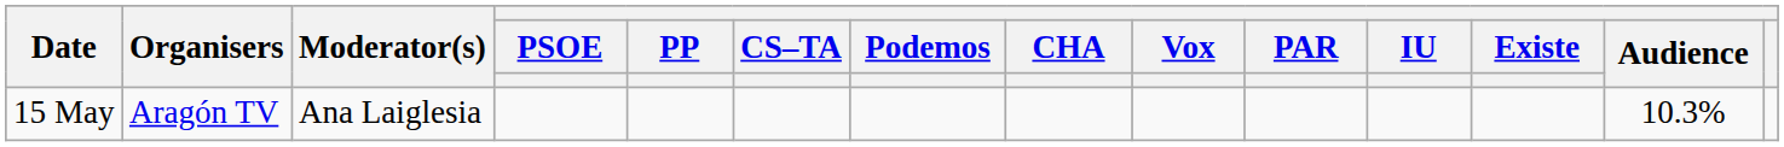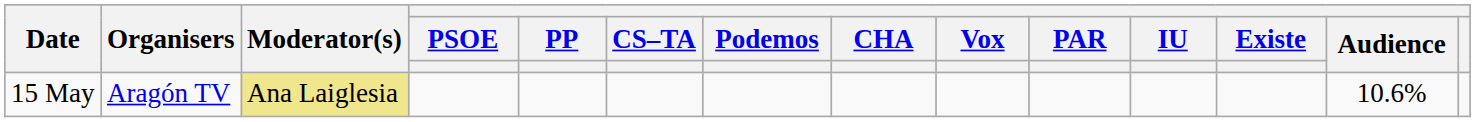 <table class="wikitable" style="text-align:center;">
 <tr>
 <th rowspan="3">Date</th>
 <th rowspan="3">Organisers</th>
 <th rowspan="3">Moderator(s)</th>
 <th colspan="11">  </th>
 </tr>
 <tr>
 <th scope="col" style="width:5em;"><a href='#'>PSOE</a></th>
 <th scope="col" style="width:5em;"><a href='#'>PP</a></th>
 <th scope="col" style="width:5em;"><a href='#'>CS–TA</a></th>
 <th scope="col" style="width:5em;"><a href='#'>Podemos</a></th>
 <th scope="col" style="width:5em;"><a href='#'>CHA</a></th>
 <th scope="col" style="width:5em;"><a href='#'>Vox</a></th>
 <th scope="col" style="width:5em;"><a href='#'>PAR</a></th>
 <th scope="col" style="width:5em;"><a href='#'>IU</a></th>
 <th scope="col" style="width:5em;"><a href='#'>Existe</a></th>
 <th rowspan="2" scope="col" style="width:5em;">Audience</th>
 <th rowspan="2"></th>
 </tr>
 <tr>
 <th style="color:inherit;background:"></th>
 <th style="color:inherit;background:"></th>
 <th style="color:inherit;background:"></th>
 <th style="color:inherit;background:"></th>
 <th style="color:inherit;background:"></th>
 <th style="color:inherit;background:"></th>
 <th style="color:inherit;background:"></th>
 <th style="color:inherit;background:"></th>
 <th style="color:inherit;background:"></th>
 </tr>
 <tr>
 <td style="white-space:nowrap; text-align:left;">15 May</td>
 <td style="white-space:nowrap; text-align:left;"><a href='#'>Aragón TV</a></td>
-<td style="white-space:nowrap; text-align:left;">Ana Laiglesia</td>
+<td style="background: khaki; white-space:nowrap; text-align:left;">Ana Laiglesia</td>
 <td></td>
 <td></td>
 <td></td>
 <td></td>
 <td></td>
 <td></td>
 <td></td>
 <td></td>
 <td></td>
-<td>10.3%</td>
+<td>10.6%</td>
 <td></td>
 </tr>
 </table>
